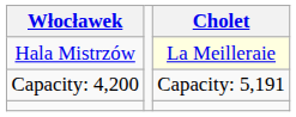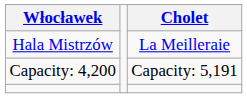 <table class="wikitable" style="margin:1em auto; text-align:center;">
 <tr>
 <th><a href='#'>Włocławek</a></th>
 <td rowspan=4></td>
 <th><a href='#'>Cholet</a></th>
 </tr>
 <tr>
 <td><a href='#'>Hala Mistrzów</a></td>
-<td style="background: lightyellow;"><a href='#'>La Meilleraie</a></td>
+<td><a href='#'>La Meilleraie</a></td>
 </tr>
 <tr>
 <td>Capacity: 4,200</td>
 <td>Capacity: 5,191</td>
 </tr>
 <tr>
 <td></td>
 <td></td>
 </tr>
 </table>
